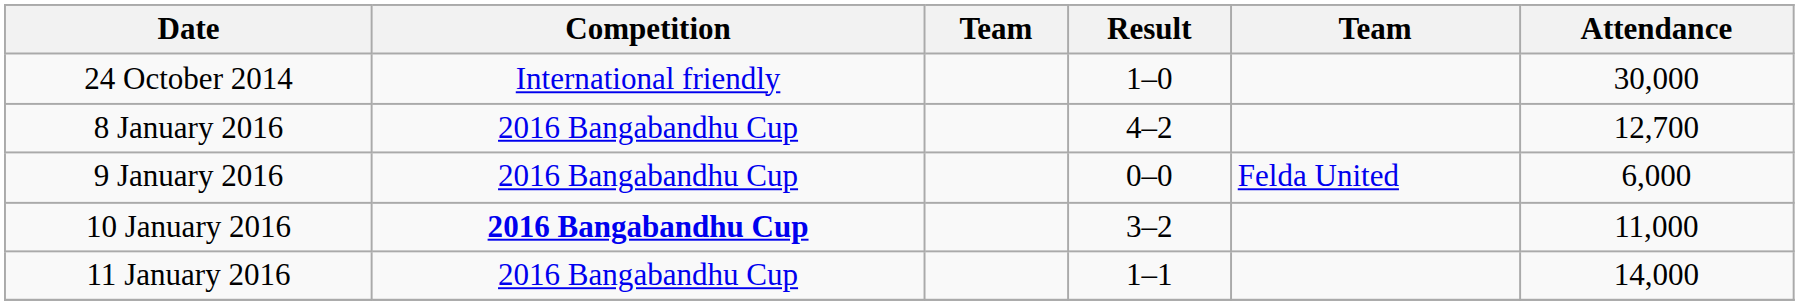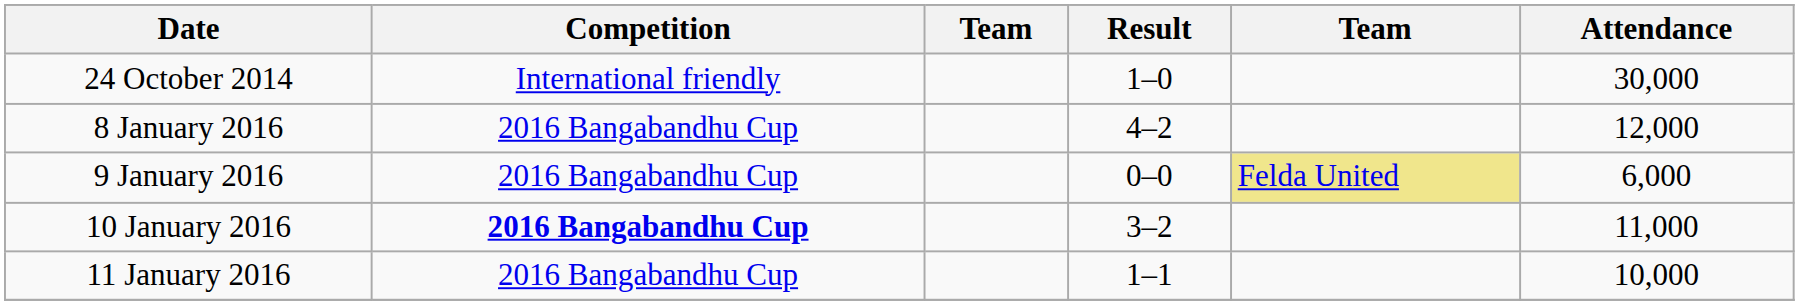 <table class="wikitable" style="text-align: left;" width="73%">
 <tr>
 <th>Date</th>
 <th>Competition</th>
 <th>Team</th>
 <th>Result</th>
 <th>Team</th>
 <th>Attendance</th>
 </tr>
 <tr>
 <td style="text-align:center;">24 October 2014</td>
 <td style="text-align:center;"><a href='#'>International friendly</a></td>
 <td></td>
 <td align=center>1–0</td>
 <td></td>
 <td style="text-align:center;">30,000</td>
 </tr>
 <tr>
 <td style="text-align:center;">8 January 2016</td>
 <td style="text-align:center;"><a href='#'>2016 Bangabandhu Cup</a></td>
 <td></td>
 <td align=center>4–2</td>
 <td></td>
-<td style="text-align:center;">12,700</td>
+<td style="text-align:center;">12,000</td>
 </tr>
 <tr>
 <td style="text-align:center;">9 January 2016</td>
 <td style="text-align:center;"><a href='#'>2016 Bangabandhu Cup</a></td>
 <td></td>
 <td align=center>0–0</td>
-<td> <a href='#'>Felda United</a></td>
+<td style="background: khaki;"> <a href='#'>Felda United</a></td>
 <td style="text-align:center;">6,000</td>
 </tr>
 <tr>
 <td style="text-align:center;">10 January 2016</td>
 <td style="text-align:center;"><strong><a href='#'>2016 Bangabandhu Cup</a></strong></td>
 <td></td>
 <td align=center>3–2</td>
 <td></td>
 <td style="text-align:center;">11,000</td>
 </tr>
 <tr>
 <td style="text-align:center;">11 January 2016</td>
 <td style="text-align:center;"><a href='#'>2016 Bangabandhu Cup</a></td>
 <td></td>
 <td align=center>1–1</td>
 <td></td>
-<td style="text-align:center;">14,000</td>
+<td style="text-align:center;">10,000</td>
 </tr>
 <tr>
 </tr>
 </table>
